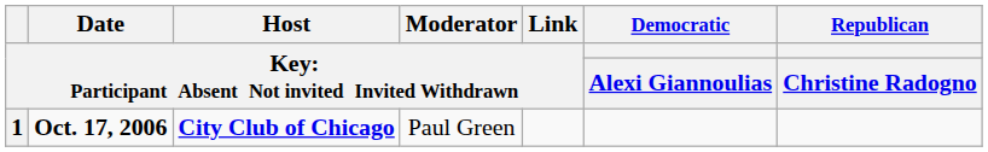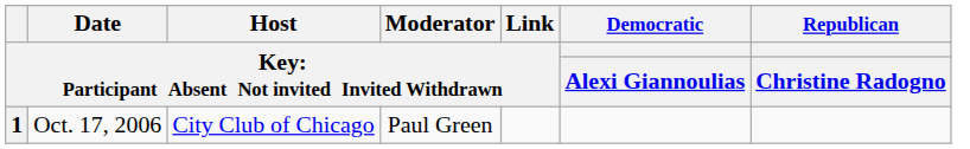 <table class="wikitable" style="text-align:center;">
 <tr>
 <th scope="col"></th>
 <th scope="col">Date</th>
 <th scope="col">Host</th>
 <th scope="col">Moderator</th>
 <th scope="col">Link</th>
 <th scope="col"><small><a href='#'>Democratic</a></small></th>
 <th scope="col"><small><a href='#'>Republican</a></small></th>
 </tr>
 <tr>
 <th colspan="5" rowspan="2">Key:<br> <small>Participant </small>  <small>Absent </small>  <small>Not invited </small>  <small>Invited  Withdrawn</small></th>
 <th scope="col" style="background:"></th>
 <th scope="col" style="background:"></th>
 </tr>
 <tr>
 <th scope="col"><a href='#'>Alexi Giannoulias</a></th>
 <th scope="col"><a href='#'>Christine Radogno</a></th>
 </tr>
 <tr>
 <th>1</th>
-<td style="white-space:nowrap;"><strong>Oct. 17, 2006</strong></td>
-<td style="white-space:nowrap;"><strong><a href='#'>City Club of Chicago</a></strong></td>
+<td style="white-space:nowrap;">Oct. 17, 2006</td>
+<td style="white-space:nowrap;"><a href='#'>City Club of Chicago</a></td>
 <td style="white-space:nowrap;">Paul Green</td>
 <td style="white-space:nowrap;"></td>
 <td></td>
 <td></td>
 </tr>
 </table>
